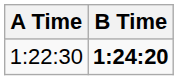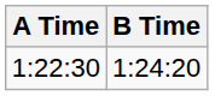 <table class="wikitable" border="1" align="upright">
 <tr>
 <th>A Time</th>
 <th>B Time</th>
 </tr>
 <tr>
 <td>1:22:30</td>
-<td><strong>1:24:20</strong></td>
+<td>1:24:20</td>
 </tr>
 </table>
